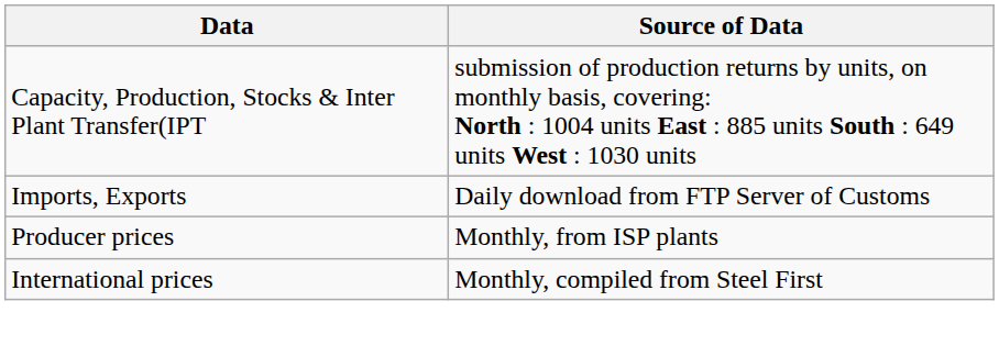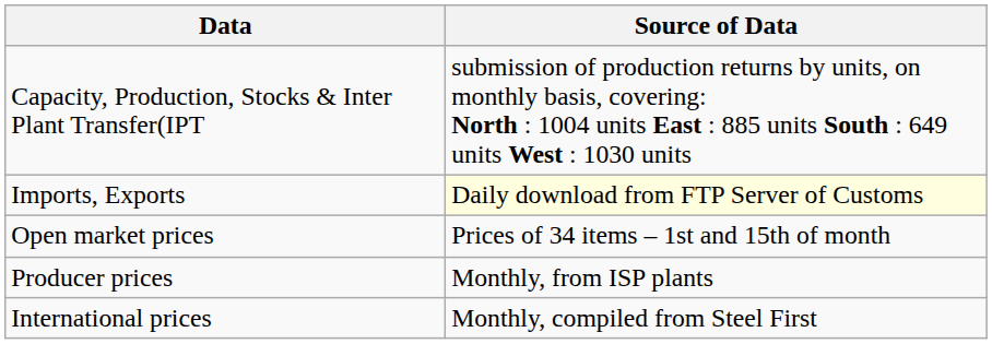 <table class="wikitable">
 <tr>
 <th>Data</th>
 <th>Source of Data</th>
 </tr>
 <tr>
 <td>Capacity, Production, Stocks & Inter Plant Transfer(IPT</td>
 <td>submission of production returns by units, on monthly basis, covering:<br><strong>North</strong> : 1004 units      <strong>East</strong> : 885 units <strong>South</strong> : 649 units      <strong>West</strong> : 1030 units</td>
 </tr>
 <tr>
 <td>Imports, Exports</td>
-<td>Daily download from FTP Server of Customs</td>
+<td style="background: lightyellow;">Daily download from FTP Server of Customs</td>
+</tr>
+<tr>
+<td>Open market prices</td>
+<td>Prices of 34 items – 1st and 15th of month</td>
 </tr>
 <tr>
 <td>Producer prices</td>
 <td>Monthly, from ISP plants</td>
 </tr>
 <tr>
 <td>International prices</td>
 <td>Monthly, compiled from Steel First</td>
 </tr>
 </table>
